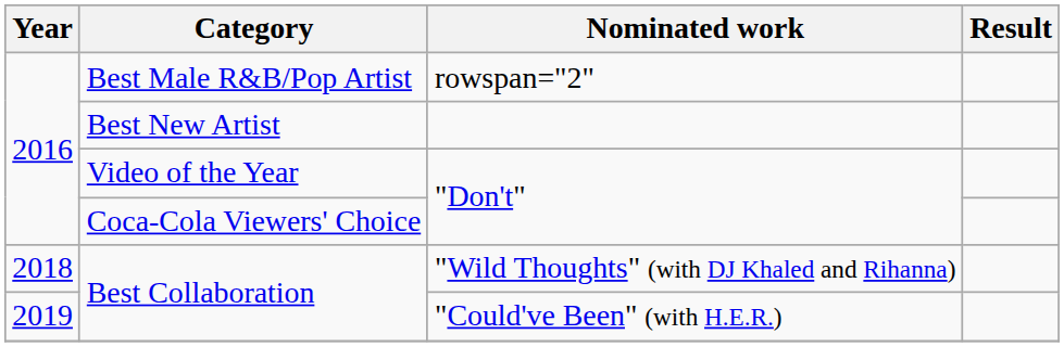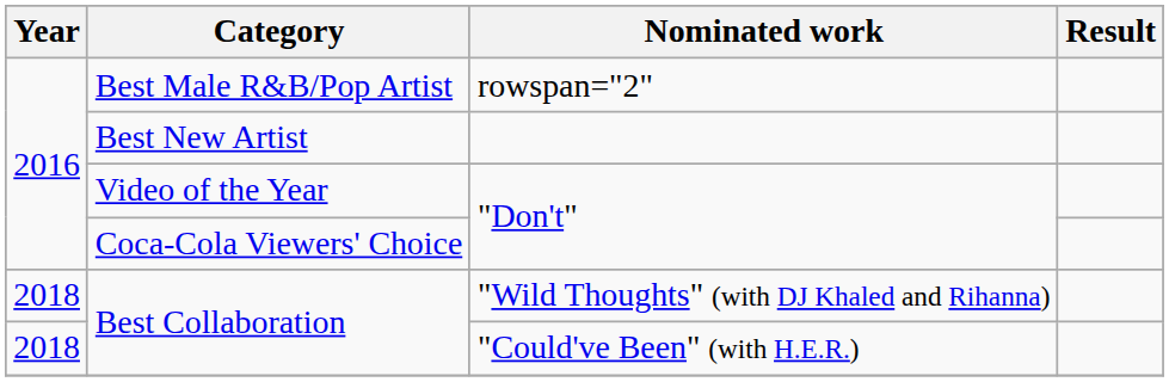 <table class="wikitable">
 <tr>
 <th>Year</th>
 <th>Category</th>
 <th>Nominated work</th>
 <th>Result</th>
 </tr>
 <tr>
 <td rowspan="4"><a href='#'>2016</a></td>
 <td><a href='#'>Best Male R&B/Pop Artist</a></td>
 <td>rowspan="2" </td>
 <td></td>
 </tr>
 <tr>
 <td><a href='#'>Best New Artist</a></td>
 <td></td>
 </tr>
 <tr>
 <td><a href='#'>Video of the Year</a></td>
 <td rowspan="2">"<a href='#'>Don't</a>"</td>
 <td></td>
 </tr>
 <tr>
 <td><a href='#'>Coca-Cola Viewers' Choice</a></td>
 <td></td>
 </tr>
 <tr>
 <td><a href='#'>2018</a></td>
 <td rowspan="2"><a href='#'>Best Collaboration</a></td>
 <td>"<a href='#'>Wild Thoughts</a>" <small>(with <a href='#'>DJ Khaled</a> and <a href='#'>Rihanna</a>)</small></td>
 <td></td>
 </tr>
 <tr>
-<td><a href='#'>2019</a></td>
+<td><a href='#'>2018</a></td>
 <td>"<a href='#'>Could've Been</a>" <small>(with <a href='#'>H.E.R.</a>)</small></td>
 <td></td>
 </tr>
 <tr>
 </tr>
 </table>
